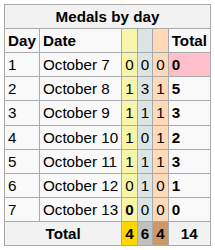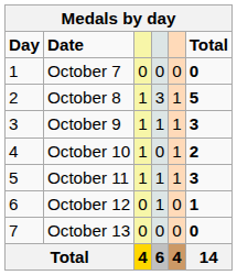 <table class=wikitable style="font-size:95%;">
 <tr>
 <th colspan=7><strong>Medals by day</strong></th>
 </tr>
 <tr>
 <td><strong>Day</strong></td>
 <td><strong>Date</strong></td>
 <td bgcolor=F7F6A8></td>
 <td bgcolor=DCE5E5></td>
 <td bgcolor=FFDAB9></td>
 <td><strong>Total</strong></td>
 </tr>
 <tr>
 <td>1</td>
 <td>October 7</td>
 <td bgcolor=F7F6A8>0</td>
 <td bgcolor=DCE5E5>0</td>
 <td bgcolor=FFDAB9>0</td>
-<td style="background: pink;"><strong>0</strong></td>
+<td><strong>0</strong></td>
 </tr>
 <tr>
 <td>2</td>
 <td>October 8</td>
 <td bgcolor=F7F6A8>1</td>
 <td bgcolor=DCE5E5>3</td>
 <td bgcolor=FFDAB9>1</td>
 <td><strong>5</strong></td>
 </tr>
 <tr>
 <td>3</td>
 <td>October 9</td>
 <td bgcolor=F7F6A8>1</td>
 <td bgcolor=DCE5E5>1</td>
 <td bgcolor=FFDAB9>1</td>
 <td><strong>3</strong></td>
 </tr>
 <tr>
 <td>4</td>
 <td>October 10</td>
 <td bgcolor=F7F6A8>1</td>
 <td bgcolor=DCE5E5>0</td>
 <td bgcolor=FFDAB9>1</td>
 <td><strong>2</strong></td>
 </tr>
 <tr>
 <td>5</td>
 <td>October 11</td>
 <td bgcolor=F7F6A8>1</td>
 <td bgcolor=DCE5E5>1</td>
 <td bgcolor=FFDAB9>1</td>
 <td><strong>3</strong></td>
 </tr>
 <tr>
 <td>6</td>
 <td>October 12</td>
 <td bgcolor=F7F6A8>0</td>
 <td bgcolor=DCE5E5>1</td>
 <td bgcolor=FFDAB9>0</td>
 <td><strong>1</strong></td>
 </tr>
 <tr>
 <td>7</td>
 <td>October 13</td>
-<td bgcolor=F7F6A8><strong>0</strong></td>
+<td bgcolor=F7F6A8>0</td>
 <td bgcolor=DCE5E5>0</td>
 <td bgcolor=FFDAB9>0</td>
 <td><strong>0</strong></td>
 </tr>
 <tr>
 <th colspan=2>Total</th>
 <th style="background:gold;">4</th>
 <th style="background:silver;">6</th>
 <th style="background:#c96;">4</th>
 <th>14</th>
 </tr>
 </table>
